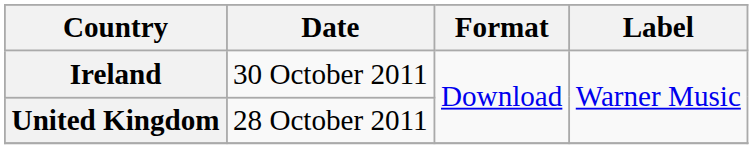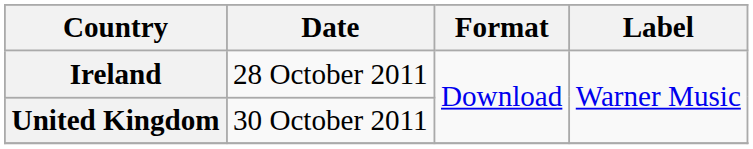 <table class="wikitable plainrowheaders">
 <tr>
 <th scope="col">Country</th>
 <th scope="col">Date</th>
 <th scope="col">Format</th>
 <th scope="col">Label</th>
 </tr>
 <tr>
 <th scope="row">Ireland</th>
-<td>30 October 2011</td>
+<td>28 October 2011</td>
 <td rowspan="2"><a href='#'>Download</a></td>
 <td rowspan="2"><a href='#'>Warner Music</a></td>
 </tr>
 <tr>
 <th scope="row">United Kingdom</th>
-<td>28 October 2011</td>
+<td>30 October 2011</td>
 </tr>
 <tr>
 </tr>
 </table>
